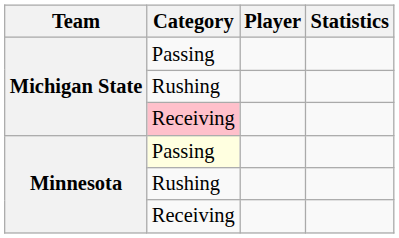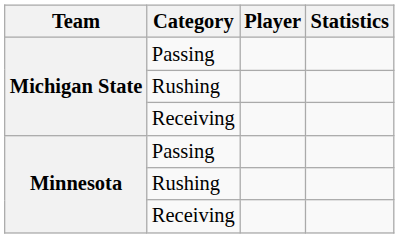 <table class="wikitable" style="float:right">
 <tr>
 <th>Team</th>
 <th>Category</th>
 <th>Player</th>
 <th>Statistics</th>
 </tr>
 <tr>
 <th rowspan=3>Michigan State</th>
 <td>Passing</td>
 <td></td>
 <td></td>
 </tr>
 <tr>
 <td>Rushing</td>
 <td></td>
 <td></td>
 </tr>
 <tr>
-<td style="background: pink;">Receiving</td>
+<td>Receiving</td>
 <td></td>
 <td></td>
 </tr>
 <tr>
 <th rowspan=3>Minnesota</th>
-<td style="background: lightyellow;">Passing</td>
+<td>Passing</td>
 <td></td>
 <td></td>
 </tr>
 <tr>
 <td>Rushing</td>
 <td></td>
 <td></td>
 </tr>
 <tr>
 <td>Receiving</td>
 <td></td>
 <td></td>
 </tr>
 </table>
